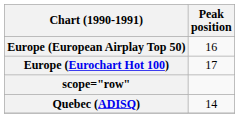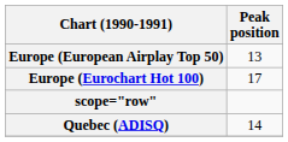 <table class="wikitable sortable plainrowheaders">
 <tr>
 <th>Chart (1990-1991)</th>
 <th>Peak<br>position</th>
 </tr>
 <tr>
 <th scope="row">Europe (European Airplay Top 50)</th>
-<td align="center">16</td>
+<td align="center">13</td>
 </tr>
 <tr>
 <th scope="row">Europe (<a href='#'>Eurochart Hot 100</a>)</th>
 <td align="center">17</td>
 </tr>
 <tr>
 <th>scope="row"</th>
 </tr>
 <tr>
 <th scope="row">Quebec (<a href='#'>ADISQ</a>)</th>
 <td align="center">14</td>
 </tr>
 <tr>
 </tr>
 </table>
